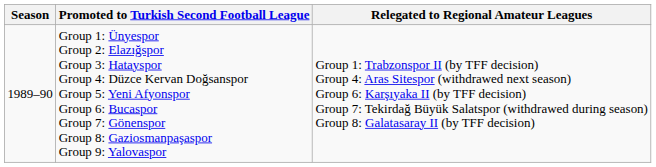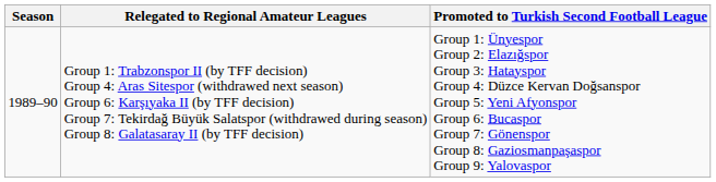 <table class="wikitable">
 <tr>
 <th>Season</th>
+<th>Relegated to Regional Amateur Leagues</th>
 <th>Promoted to <a href='#'>Turkish Second Football League</a></th>
-<th>Relegated to Regional Amateur Leagues</th>
 </tr>
 <tr>
 <td>1989–90</td>
+<td>Group 1: <a href='#'>Trabzonspor II</a> (by TFF decision)<br>Group 4: <a href='#'>Aras Sitespor</a> (withdrawed next season)<br>Group 6: <a href='#'>Karşıyaka II</a> (by TFF decision)<br>Group 7: Tekirdağ Büyük Salatspor (withdrawed during season)<br>Group 8: <a href='#'>Galatasaray II</a> (by TFF decision)</td>
 <td>Group 1: <a href='#'>Ünyespor</a><br>Group 2: <a href='#'>Elazığspor</a><br>Group 3: <a href='#'>Hatayspor</a><br>Group 4: Düzce Kervan Doğsanspor<br>Group 5: <a href='#'>Yeni Afyonspor</a><br>Group 6: <a href='#'>Bucaspor</a><br>Group 7: <a href='#'>Gönenspor</a><br>Group 8: <a href='#'>Gaziosmanpaşaspor</a><br>Group 9: <a href='#'>Yalovaspor</a></td>
-<td>Group 1: <a href='#'>Trabzonspor II</a> (by TFF decision)<br>Group 4: <a href='#'>Aras Sitespor</a> (withdrawed next season)<br>Group 6: <a href='#'>Karşıyaka II</a> (by TFF decision)<br>Group 7: Tekirdağ Büyük Salatspor (withdrawed during season)<br>Group 8: <a href='#'>Galatasaray II</a> (by TFF decision)</td>
 </tr>
 </table>
